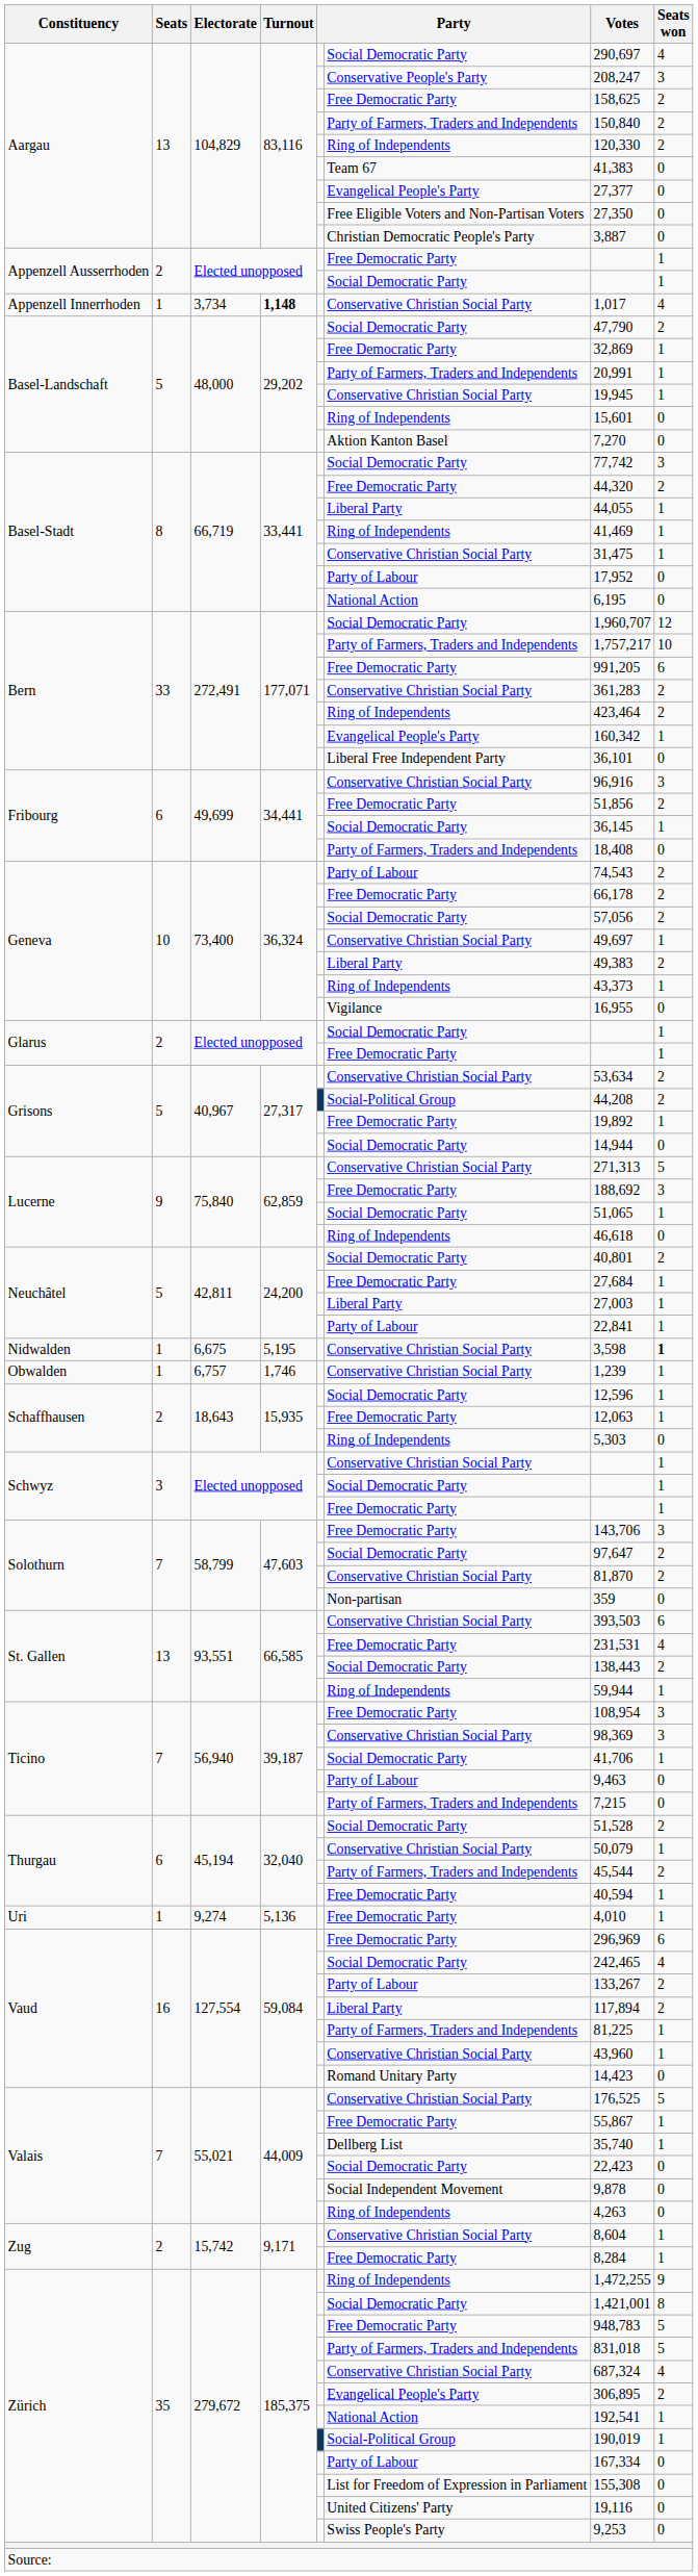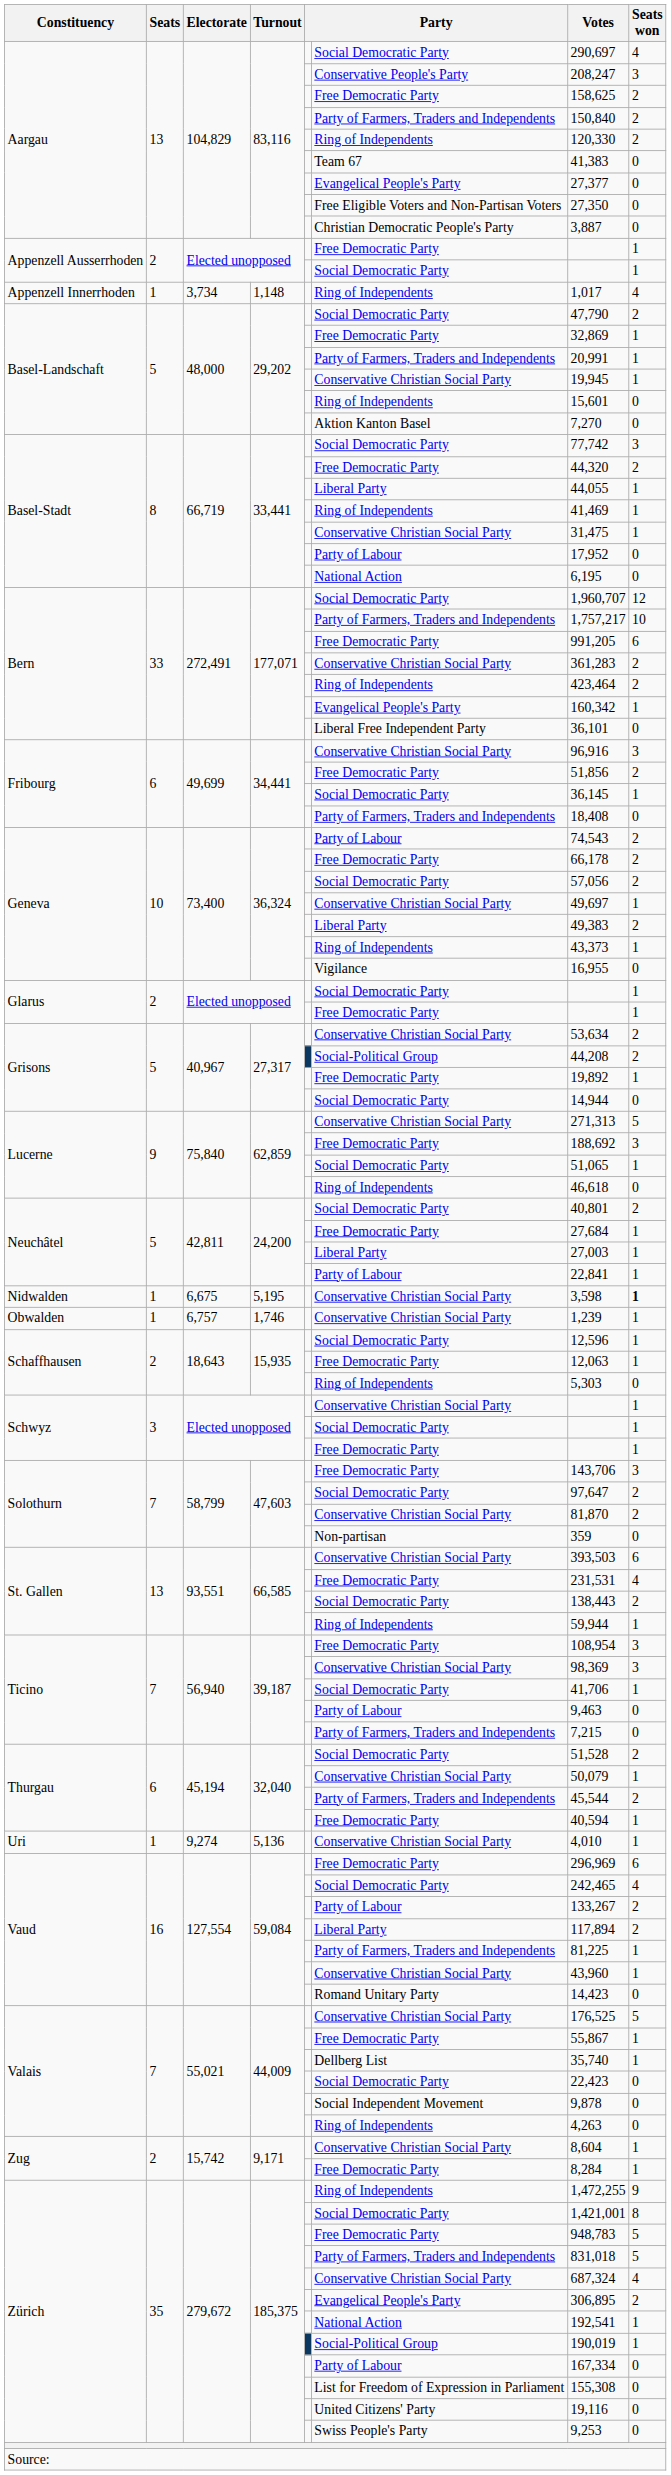 <table class="wikitable">
 <tr>
 <th>Constituency</th>
 <th>Seats</th>
 <th>Electorate</th>
 <th>Turnout</th>
 <th colspan="2">Party</th>
 <th>Votes</th>
 <th>Seats<br>won</th>
 </tr>
 <tr>
 <td rowspan="9">Aargau</td>
 <td rowspan="9">13</td>
 <td rowspan="9">104,829</td>
 <td rowspan="9">83,116</td>
 <td style="color:inherit;background:"></td>
 <td><a href='#'>Social Democratic Party</a></td>
 <td>290,697</td>
 <td>4</td>
 </tr>
 <tr>
 <td style="color:inherit;background:"></td>
 <td><a href='#'>Conservative People's Party</a></td>
 <td>208,247</td>
 <td>3</td>
 </tr>
 <tr>
 <td style="color:inherit;background:"></td>
 <td><a href='#'>Free Democratic Party</a></td>
 <td>158,625</td>
 <td>2</td>
 </tr>
 <tr>
 <td style="color:inherit;background:"></td>
 <td><a href='#'>Party of Farmers, Traders and Independents</a></td>
 <td>150,840</td>
 <td>2</td>
 </tr>
 <tr>
 <td style="color:inherit;background:"></td>
 <td><a href='#'>Ring of Independents</a></td>
 <td>120,330</td>
 <td>2</td>
 </tr>
 <tr>
 <td style="color:inherit;background:"></td>
 <td>Team 67</td>
 <td>41,383</td>
 <td>0</td>
 </tr>
 <tr>
 <td style="color:inherit;background:"></td>
 <td><a href='#'>Evangelical People's Party</a></td>
 <td>27,377</td>
 <td>0</td>
 </tr>
 <tr>
 <td style="color:inherit;background:"></td>
 <td>Free Eligible Voters and Non-Partisan Voters</td>
 <td>27,350</td>
 <td>0</td>
 </tr>
 <tr>
 <td style="color:inherit;background:"></td>
 <td>Christian Democratic People's Party</td>
 <td>3,887</td>
 <td>0</td>
 </tr>
 <tr>
 <td rowspan="2">Appenzell Ausserrhoden</td>
 <td rowspan="2">2</td>
 <td rowspan="2" colspan=2><a href='#'>Elected unopposed</a></td>
 <td style="color:inherit;background:"></td>
 <td><a href='#'>Free Democratic Party</a></td>
 <td></td>
 <td>1</td>
 </tr>
 <tr>
 <td style="color:inherit;background:"></td>
 <td><a href='#'>Social Democratic Party</a></td>
 <td></td>
 <td>1</td>
 </tr>
 <tr>
 <td>Appenzell Innerrhoden</td>
 <td>1</td>
 <td>3,734</td>
-<td><strong>1,148</strong></td>
+<td>1,148</td>
 <td style="color:inherit;background:"></td>
-<td><a href='#'>Conservative Christian Social Party</a></td>
+<td><a href='#'>Ring of Independents</a></td>
 <td>1,017</td>
 <td>4</td>
 </tr>
 <tr>
 <td rowspan="6">Basel-Landschaft</td>
 <td rowspan="6">5</td>
 <td rowspan="6">48,000</td>
 <td rowspan="6">29,202</td>
 <td style="color:inherit;background:"></td>
 <td><a href='#'>Social Democratic Party</a></td>
 <td>47,790</td>
 <td>2</td>
 </tr>
 <tr>
 <td style="color:inherit;background:"></td>
 <td><a href='#'>Free Democratic Party</a></td>
 <td>32,869</td>
 <td>1</td>
 </tr>
 <tr>
 <td style="color:inherit;background:"></td>
 <td><a href='#'>Party of Farmers, Traders and Independents</a></td>
 <td>20,991</td>
 <td>1</td>
 </tr>
 <tr>
 <td style="color:inherit;background:"></td>
 <td><a href='#'>Conservative Christian Social Party</a></td>
 <td>19,945</td>
 <td>1</td>
 </tr>
 <tr>
 <td style="color:inherit;background:"></td>
 <td><a href='#'>Ring of Independents</a></td>
 <td>15,601</td>
 <td>0</td>
 </tr>
 <tr>
 <td style="color:inherit;background:"></td>
 <td>Aktion Kanton Basel</td>
 <td>7,270</td>
 <td>0</td>
 </tr>
 <tr>
 <td rowspan="7">Basel-Stadt</td>
 <td rowspan="7">8</td>
 <td rowspan="7">66,719</td>
 <td rowspan="7">33,441</td>
 <td style="color:inherit;background:"></td>
 <td><a href='#'>Social Democratic Party</a></td>
 <td>77,742</td>
 <td>3</td>
 </tr>
 <tr>
 <td style="color:inherit;background:"></td>
 <td><a href='#'>Free Democratic Party</a></td>
 <td>44,320</td>
 <td>2</td>
 </tr>
 <tr>
 <td style="color:inherit;background:"></td>
 <td><a href='#'>Liberal Party</a></td>
 <td>44,055</td>
 <td>1</td>
 </tr>
 <tr>
 <td style="color:inherit;background:"></td>
 <td><a href='#'>Ring of Independents</a></td>
 <td>41,469</td>
 <td>1</td>
 </tr>
 <tr>
 <td style="color:inherit;background:"></td>
 <td><a href='#'>Conservative Christian Social Party</a></td>
 <td>31,475</td>
 <td>1</td>
 </tr>
 <tr>
 <td style="color:inherit;background:"></td>
 <td><a href='#'>Party of Labour</a></td>
 <td>17,952</td>
 <td>0</td>
 </tr>
 <tr>
 <td style="color:inherit;background:"></td>
 <td><a href='#'>National Action</a></td>
 <td>6,195</td>
 <td>0</td>
 </tr>
 <tr>
 <td rowspan="7">Bern</td>
 <td rowspan="7">33</td>
 <td rowspan="7">272,491</td>
 <td rowspan="7">177,071</td>
 <td style="color:inherit;background:"></td>
 <td><a href='#'>Social Democratic Party</a></td>
 <td>1,960,707</td>
 <td>12</td>
 </tr>
 <tr>
 <td style="color:inherit;background:"></td>
 <td><a href='#'>Party of Farmers, Traders and Independents</a></td>
 <td>1,757,217</td>
 <td>10</td>
 </tr>
 <tr>
 <td style="color:inherit;background:"></td>
 <td><a href='#'>Free Democratic Party</a></td>
 <td>991,205</td>
 <td>6</td>
 </tr>
 <tr>
 <td style="color:inherit;background:"></td>
 <td><a href='#'>Conservative Christian Social Party</a></td>
 <td>361,283</td>
 <td>2</td>
 </tr>
 <tr>
 <td style="color:inherit;background:"></td>
 <td><a href='#'>Ring of Independents</a></td>
 <td>423,464</td>
 <td>2</td>
 </tr>
 <tr>
 <td style="color:inherit;background:"></td>
 <td><a href='#'>Evangelical People's Party</a></td>
 <td>160,342</td>
 <td>1</td>
 </tr>
 <tr>
 <td style="color:inherit;background:"></td>
 <td>Liberal Free Independent Party</td>
 <td>36,101</td>
 <td>0</td>
 </tr>
 <tr>
 <td rowspan="4">Fribourg</td>
 <td rowspan="4">6</td>
 <td rowspan="4">49,699</td>
 <td rowspan="4">34,441</td>
 <td style="color:inherit;background:"></td>
 <td><a href='#'>Conservative Christian Social Party</a></td>
 <td>96,916</td>
 <td>3</td>
 </tr>
 <tr>
 <td style="color:inherit;background:"></td>
 <td><a href='#'>Free Democratic Party</a></td>
 <td>51,856</td>
 <td>2</td>
 </tr>
 <tr>
 <td style="color:inherit;background:"></td>
 <td><a href='#'>Social Democratic Party</a></td>
 <td>36,145</td>
 <td>1</td>
 </tr>
 <tr>
 <td style="color:inherit;background:"></td>
 <td><a href='#'>Party of Farmers, Traders and Independents</a></td>
 <td>18,408</td>
 <td>0</td>
 </tr>
 <tr>
 <td rowspan="7">Geneva</td>
 <td rowspan="7">10</td>
 <td rowspan="7">73,400</td>
 <td rowspan="7">36,324</td>
 <td style="color:inherit;background:"></td>
 <td><a href='#'>Party of Labour</a></td>
 <td>74,543</td>
 <td>2</td>
 </tr>
 <tr>
 <td style="color:inherit;background:"></td>
 <td><a href='#'>Free Democratic Party</a></td>
 <td>66,178</td>
 <td>2</td>
 </tr>
 <tr>
 <td style="color:inherit;background:"></td>
 <td><a href='#'>Social Democratic Party</a></td>
 <td>57,056</td>
 <td>2</td>
 </tr>
 <tr>
 <td style="color:inherit;background:"></td>
 <td><a href='#'>Conservative Christian Social Party</a></td>
 <td>49,697</td>
 <td>1</td>
 </tr>
 <tr>
 <td style="color:inherit;background:"></td>
 <td><a href='#'>Liberal Party</a></td>
 <td>49,383</td>
 <td>2</td>
 </tr>
 <tr>
 <td style="color:inherit;background:"></td>
 <td><a href='#'>Ring of Independents</a></td>
 <td>43,373</td>
 <td>1</td>
 </tr>
 <tr>
 <td style="color:inherit;background:"></td>
 <td>Vigilance</td>
 <td>16,955</td>
 <td>0</td>
 </tr>
 <tr>
 <td rowspan="2">Glarus</td>
 <td rowspan="2">2</td>
 <td rowspan="2" colspan=2><a href='#'>Elected unopposed</a></td>
 <td style="color:inherit;background:"></td>
 <td><a href='#'>Social Democratic Party</a></td>
 <td></td>
 <td>1</td>
 </tr>
 <tr>
 <td style="color:inherit;background:"></td>
 <td><a href='#'>Free Democratic Party</a></td>
 <td></td>
 <td>1</td>
 </tr>
 <tr>
 <td rowspan="4">Grisons</td>
 <td rowspan="4">5</td>
 <td rowspan="4">40,967</td>
 <td rowspan="4">27,317</td>
 <td style="color:inherit;background:"></td>
 <td><a href='#'>Conservative Christian Social Party</a></td>
 <td>53,634</td>
 <td>2</td>
 </tr>
 <tr>
 <td style="color:inherit;background:#0B3861"></td>
 <td><a href='#'>Social-Political Group</a></td>
 <td>44,208</td>
 <td>2</td>
 </tr>
 <tr>
 <td style="color:inherit;background:"></td>
 <td><a href='#'>Free Democratic Party</a></td>
 <td>19,892</td>
 <td>1</td>
 </tr>
 <tr>
 <td style="color:inherit;background:"></td>
 <td><a href='#'>Social Democratic Party</a></td>
 <td>14,944</td>
 <td>0</td>
 </tr>
 <tr>
 <td rowspan="4">Lucerne</td>
 <td rowspan="4">9</td>
 <td rowspan="4">75,840</td>
 <td rowspan="4">62,859</td>
 <td style="color:inherit;background:"></td>
 <td><a href='#'>Conservative Christian Social Party</a></td>
 <td>271,313</td>
 <td>5</td>
 </tr>
 <tr>
 <td style="color:inherit;background:"></td>
 <td><a href='#'>Free Democratic Party</a></td>
 <td>188,692</td>
 <td>3</td>
 </tr>
 <tr>
 <td style="color:inherit;background:"></td>
 <td><a href='#'>Social Democratic Party</a></td>
 <td>51,065</td>
 <td>1</td>
 </tr>
 <tr>
 <td style="color:inherit;background:"></td>
 <td><a href='#'>Ring of Independents</a></td>
 <td>46,618</td>
 <td>0</td>
 </tr>
 <tr>
 <td rowspan="4">Neuchâtel</td>
 <td rowspan="4">5</td>
 <td rowspan="4">42,811</td>
 <td rowspan="4">24,200</td>
 <td style="color:inherit;background:"></td>
 <td><a href='#'>Social Democratic Party</a></td>
 <td>40,801</td>
 <td>2</td>
 </tr>
 <tr>
 <td style="color:inherit;background:"></td>
 <td><a href='#'>Free Democratic Party</a></td>
 <td>27,684</td>
 <td>1</td>
 </tr>
 <tr>
 <td style="color:inherit;background:"></td>
 <td><a href='#'>Liberal Party</a></td>
 <td>27,003</td>
 <td>1</td>
 </tr>
 <tr>
 <td style="color:inherit;background:"></td>
 <td><a href='#'>Party of Labour</a></td>
 <td>22,841</td>
 <td>1</td>
 </tr>
 <tr>
 <td>Nidwalden</td>
 <td>1</td>
 <td>6,675</td>
 <td>5,195</td>
 <td style="color:inherit;background:"></td>
 <td><a href='#'>Conservative Christian Social Party</a></td>
 <td>3,598</td>
 <td><strong>1</strong></td>
 </tr>
 <tr>
 <td>Obwalden</td>
 <td>1</td>
 <td>6,757</td>
 <td>1,746</td>
 <td style="color:inherit;background:"></td>
 <td><a href='#'>Conservative Christian Social Party</a></td>
 <td>1,239</td>
 <td>1</td>
 </tr>
 <tr>
 <td rowspan="3">Schaffhausen</td>
 <td rowspan="3">2</td>
 <td rowspan="3">18,643</td>
 <td rowspan="3">15,935</td>
 <td style="color:inherit;background:"></td>
 <td><a href='#'>Social Democratic Party</a></td>
 <td>12,596</td>
 <td>1</td>
 </tr>
 <tr>
 <td style="color:inherit;background:"></td>
 <td><a href='#'>Free Democratic Party</a></td>
 <td>12,063</td>
 <td>1</td>
 </tr>
 <tr>
 <td style="color:inherit;background:"></td>
 <td><a href='#'>Ring of Independents</a></td>
 <td>5,303</td>
 <td>0</td>
 </tr>
 <tr>
 <td rowspan="3">Schwyz</td>
 <td rowspan="3">3</td>
 <td rowspan="3" colspan=2><a href='#'>Elected unopposed</a></td>
 <td style="color:inherit;background:"></td>
 <td><a href='#'>Conservative Christian Social Party</a></td>
 <td></td>
 <td>1</td>
 </tr>
 <tr>
 <td style="color:inherit;background:"></td>
 <td><a href='#'>Social Democratic Party</a></td>
 <td></td>
 <td>1</td>
 </tr>
 <tr>
 <td style="color:inherit;background:"></td>
 <td><a href='#'>Free Democratic Party</a></td>
 <td></td>
 <td>1</td>
 </tr>
 <tr>
 <td rowspan="4">Solothurn</td>
 <td rowspan="4">7</td>
 <td rowspan="4">58,799</td>
 <td rowspan="4">47,603</td>
 <td style="color:inherit;background:"></td>
 <td><a href='#'>Free Democratic Party</a></td>
 <td>143,706</td>
 <td>3</td>
 </tr>
 <tr>
 <td style="color:inherit;background:"></td>
 <td><a href='#'>Social Democratic Party</a></td>
 <td>97,647</td>
 <td>2</td>
 </tr>
 <tr>
 <td style="color:inherit;background:"></td>
 <td><a href='#'>Conservative Christian Social Party</a></td>
 <td>81,870</td>
 <td>2</td>
 </tr>
 <tr>
 <td style="color:inherit;background:"></td>
 <td>Non-partisan</td>
 <td>359</td>
 <td>0</td>
 </tr>
 <tr>
 <td rowspan="4">St. Gallen</td>
 <td rowspan="4">13</td>
 <td rowspan="4">93,551</td>
 <td rowspan="4">66,585</td>
 <td style="color:inherit;background:"></td>
 <td><a href='#'>Conservative Christian Social Party</a></td>
 <td>393,503</td>
 <td>6</td>
 </tr>
 <tr>
 <td style="color:inherit;background:"></td>
 <td><a href='#'>Free Democratic Party</a></td>
 <td>231,531</td>
 <td>4</td>
 </tr>
 <tr>
 <td style="color:inherit;background:"></td>
 <td><a href='#'>Social Democratic Party</a></td>
 <td>138,443</td>
 <td>2</td>
 </tr>
 <tr>
 <td style="color:inherit;background:"></td>
 <td><a href='#'>Ring of Independents</a></td>
 <td>59,944</td>
 <td>1</td>
 </tr>
 <tr>
 <td rowspan="5">Ticino</td>
 <td rowspan="5">7</td>
 <td rowspan="5">56,940</td>
 <td rowspan="5">39,187</td>
 <td style="color:inherit;background:"></td>
 <td><a href='#'>Free Democratic Party</a></td>
 <td>108,954</td>
 <td>3</td>
 </tr>
 <tr>
 <td style="color:inherit;background:"></td>
 <td><a href='#'>Conservative Christian Social Party</a></td>
 <td>98,369</td>
 <td>3</td>
 </tr>
 <tr>
 <td style="color:inherit;background:"></td>
 <td><a href='#'>Social Democratic Party</a></td>
 <td>41,706</td>
 <td>1</td>
 </tr>
 <tr>
 <td style="color:inherit;background:"></td>
 <td><a href='#'>Party of Labour</a></td>
 <td>9,463</td>
 <td>0</td>
 </tr>
 <tr>
 <td style="color:inherit;background:"></td>
 <td><a href='#'>Party of Farmers, Traders and Independents</a></td>
 <td>7,215</td>
 <td>0</td>
 </tr>
 <tr>
 <td rowspan="4">Thurgau</td>
 <td rowspan="4">6</td>
 <td rowspan="4">45,194</td>
 <td rowspan="4">32,040</td>
 <td style="color:inherit;background:"></td>
 <td><a href='#'>Social Democratic Party</a></td>
 <td>51,528</td>
 <td>2</td>
 </tr>
 <tr>
 <td style="color:inherit;background:"></td>
 <td><a href='#'>Conservative Christian Social Party</a></td>
 <td>50,079</td>
 <td>1</td>
 </tr>
 <tr>
 <td style="color:inherit;background:"></td>
 <td><a href='#'>Party of Farmers, Traders and Independents</a></td>
 <td>45,544</td>
 <td>2</td>
 </tr>
 <tr>
 <td style="color:inherit;background:"></td>
 <td><a href='#'>Free Democratic Party</a></td>
 <td>40,594</td>
 <td>1</td>
 </tr>
 <tr>
 <td>Uri</td>
 <td>1</td>
 <td>9,274</td>
 <td>5,136</td>
 <td style="color:inherit;background:"></td>
-<td><a href='#'>Free Democratic Party</a></td>
+<td><a href='#'>Conservative Christian Social Party</a></td>
 <td>4,010</td>
 <td>1</td>
 </tr>
 <tr>
 <td rowspan="7">Vaud</td>
 <td rowspan="7">16</td>
 <td rowspan="7">127,554</td>
 <td rowspan="7">59,084</td>
 <td style="color:inherit;background:"></td>
 <td><a href='#'>Free Democratic Party</a></td>
 <td>296,969</td>
 <td>6</td>
 </tr>
 <tr>
 <td style="color:inherit;background:"></td>
 <td><a href='#'>Social Democratic Party</a></td>
 <td>242,465</td>
 <td>4</td>
 </tr>
 <tr>
 <td style="color:inherit;background:"></td>
 <td><a href='#'>Party of Labour</a></td>
 <td>133,267</td>
 <td>2</td>
 </tr>
 <tr>
 <td style="color:inherit;background:"></td>
 <td><a href='#'>Liberal Party</a></td>
 <td>117,894</td>
 <td>2</td>
 </tr>
 <tr>
 <td style="color:inherit;background:"></td>
 <td><a href='#'>Party of Farmers, Traders and Independents</a></td>
 <td>81,225</td>
 <td>1</td>
 </tr>
 <tr>
 <td style="color:inherit;background:"></td>
 <td><a href='#'>Conservative Christian Social Party</a></td>
 <td>43,960</td>
 <td>1</td>
 </tr>
 <tr>
 <td style="color:inherit;background:"></td>
 <td>Romand Unitary Party</td>
 <td>14,423</td>
 <td>0</td>
 </tr>
 <tr>
 <td rowspan="6">Valais</td>
 <td rowspan="6">7</td>
 <td rowspan="6">55,021</td>
 <td rowspan="6">44,009</td>
 <td style="color:inherit;background:"></td>
 <td><a href='#'>Conservative Christian Social Party</a></td>
 <td>176,525</td>
 <td>5</td>
 </tr>
 <tr>
 <td style="color:inherit;background:"></td>
 <td><a href='#'>Free Democratic Party</a></td>
 <td>55,867</td>
 <td>1</td>
 </tr>
 <tr>
 <td style="color:inherit;background:"></td>
 <td>Dellberg List</td>
 <td>35,740</td>
 <td>1</td>
 </tr>
 <tr>
 <td style="color:inherit;background:"></td>
 <td><a href='#'>Social Democratic Party</a></td>
 <td>22,423</td>
 <td>0</td>
 </tr>
 <tr>
 <td style="color:inherit;background:"></td>
 <td>Social Independent Movement</td>
 <td>9,878</td>
 <td>0</td>
 </tr>
 <tr>
 <td style="color:inherit;background:"></td>
 <td><a href='#'>Ring of Independents</a></td>
 <td>4,263</td>
 <td>0</td>
 </tr>
 <tr>
 <td rowspan="2">Zug</td>
 <td rowspan="2">2</td>
 <td rowspan="2">15,742</td>
 <td rowspan="2">9,171</td>
 <td style="color:inherit;background:"></td>
 <td><a href='#'>Conservative Christian Social Party</a></td>
 <td>8,604</td>
 <td>1</td>
 </tr>
 <tr>
 <td style="color:inherit;background:"></td>
 <td><a href='#'>Free Democratic Party</a></td>
 <td>8,284</td>
 <td>1</td>
 </tr>
 <tr>
 <td rowspan="12">Zürich</td>
 <td rowspan="12">35</td>
 <td rowspan="12">279,672</td>
 <td rowspan="12">185,375</td>
 <td style="color:inherit;background:"></td>
 <td><a href='#'>Ring of Independents</a></td>
 <td>1,472,255</td>
 <td>9</td>
 </tr>
 <tr>
 <td style="color:inherit;background:"></td>
 <td><a href='#'>Social Democratic Party</a></td>
 <td>1,421,001</td>
 <td>8</td>
 </tr>
 <tr>
 <td style="color:inherit;background:"></td>
 <td><a href='#'>Free Democratic Party</a></td>
 <td>948,783</td>
 <td>5</td>
 </tr>
 <tr>
 <td style="color:inherit;background:"></td>
 <td><a href='#'>Party of Farmers, Traders and Independents</a></td>
 <td>831,018</td>
 <td>5</td>
 </tr>
 <tr>
 <td style="color:inherit;background:"></td>
 <td><a href='#'>Conservative Christian Social Party</a></td>
 <td>687,324</td>
 <td>4</td>
 </tr>
 <tr>
 <td style="color:inherit;background:"></td>
 <td><a href='#'>Evangelical People's Party</a></td>
 <td>306,895</td>
 <td>2</td>
 </tr>
 <tr>
 <td style="color:inherit;background:"></td>
 <td><a href='#'>National Action</a></td>
 <td>192,541</td>
 <td>1</td>
 </tr>
 <tr>
 <td style="color:inherit;background:#0B3861"></td>
 <td><a href='#'>Social-Political Group</a></td>
 <td>190,019</td>
 <td>1</td>
 </tr>
 <tr>
 <td style="color:inherit;background:"></td>
 <td><a href='#'>Party of Labour</a></td>
 <td>167,334</td>
 <td>0</td>
 </tr>
 <tr>
 <td style="color:inherit;background:"></td>
 <td>List for Freedom of Expression in Parliament</td>
 <td>155,308</td>
 <td>0</td>
 </tr>
 <tr>
 <td style="color:inherit;background:"></td>
 <td>United Citizens' Party</td>
 <td>19,116</td>
 <td>0</td>
 </tr>
 <tr>
 <td style="color:inherit;background:"></td>
 <td>Swiss People's Party</td>
 <td>9,253</td>
 <td>0</td>
 </tr>
 <tr>
 <th colspan="8"></th>
 </tr>
 <tr>
 <td colspan="8">Source: </td>
 </tr>
 </table>
